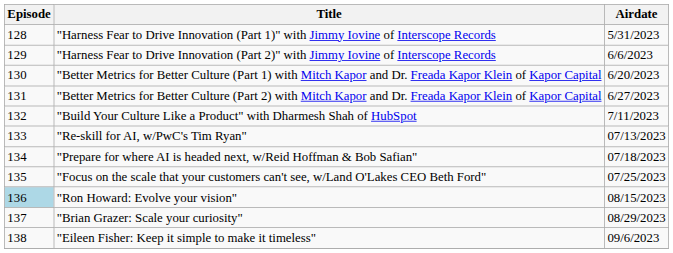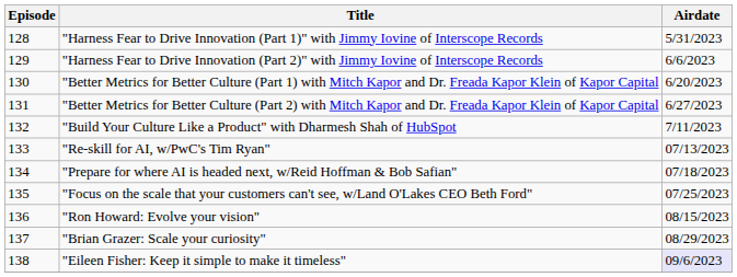 <table class="wikitable collapsible collapsed">
 <tr>
 <th>Episode</th>
 <th>Title</th>
 <th>Airdate</th>
 </tr>
 <tr>
 <td>128</td>
 <td>"Harness Fear to Drive Innovation (Part 1)" with <a href='#'>Jimmy Iovine</a> of <a href='#'>Interscope Records</a></td>
 <td>5/31/2023</td>
 </tr>
 <tr>
 <td>129</td>
 <td>"Harness Fear to Drive Innovation (Part 2)" with <a href='#'>Jimmy Iovine</a> of <a href='#'>Interscope Records</a></td>
 <td>6/6/2023</td>
 </tr>
 <tr>
 <td>130</td>
 <td>"Better Metrics for Better Culture (Part 1) with <a href='#'>Mitch Kapor</a> and Dr. <a href='#'>Freada Kapor Klein</a> of <a href='#'>Kapor Capital</a></td>
 <td>6/20/2023</td>
 </tr>
 <tr>
 <td>131</td>
 <td>"Better Metrics for Better Culture (Part 2) with <a href='#'>Mitch Kapor</a> and Dr. <a href='#'>Freada Kapor Klein</a> of <a href='#'>Kapor Capital</a></td>
 <td>6/27/2023</td>
 </tr>
 <tr>
 <td>132</td>
 <td>"Build Your Culture Like a Product" with Dharmesh Shah of <a href='#'>HubSpot</a></td>
 <td>7/11/2023</td>
 </tr>
 <tr>
 <td>133</td>
 <td>"Re-skill for AI, w/PwC's Tim Ryan"</td>
 <td>07/13/2023</td>
 </tr>
 <tr>
 <td>134</td>
 <td>"Prepare for where AI is headed next, w/Reid Hoffman & Bob Safian"</td>
 <td>07/18/2023</td>
 </tr>
 <tr>
 <td>135</td>
 <td>"Focus on the scale that your customers can't see, w/Land O'Lakes CEO Beth Ford"</td>
 <td>07/25/2023</td>
 </tr>
 <tr>
-<td style="background: lightblue;">136</td>
+<td>136</td>
 <td>"Ron Howard: Evolve your vision"</td>
 <td>08/15/2023</td>
 </tr>
 <tr>
 <td>137</td>
 <td>"Brian Grazer: Scale your curiosity"</td>
 <td>08/29/2023</td>
 </tr>
 <tr>
 <td>138</td>
 <td>"Eileen Fisher: Keep it simple to make it timeless"</td>
-<td>09/6/2023</td>
+<td style="background: lavender;">09/6/2023</td>
 </tr>
 <tr>
 </tr>
 </table>
